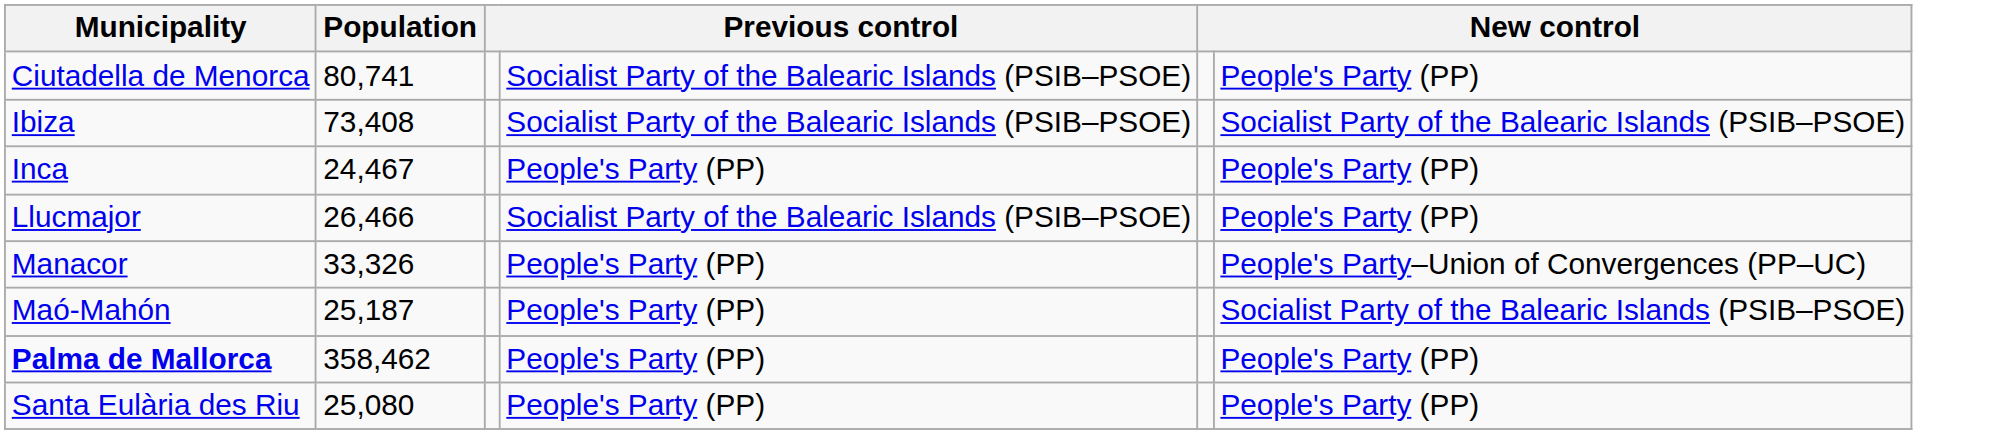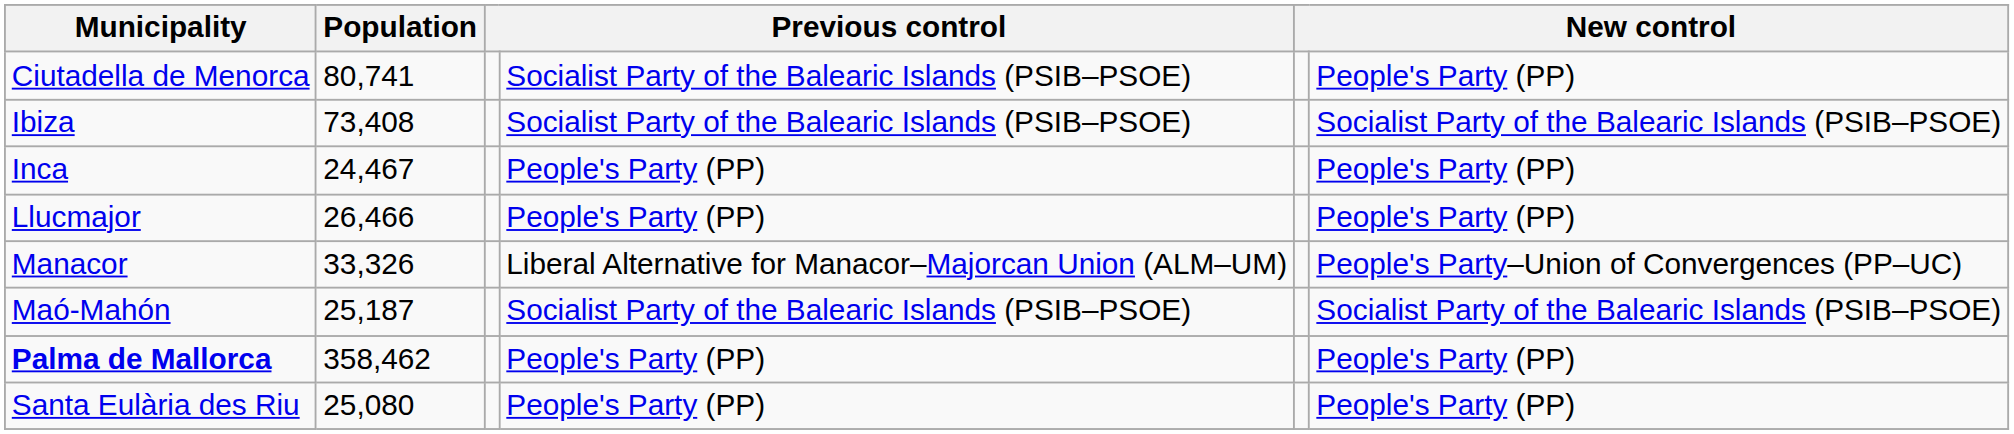 <table class="wikitable sortable">
 <tr>
 <th>Municipality</th>
 <th>Population</th>
 <th colspan="2" style="width:375px;">Previous control</th>
 <th colspan="2" style="width:375px;">New control</th>
 </tr>
 <tr>
 <td><a href='#'>Ciutadella de Menorca</a></td>
 <td>80,741</td>
 <td width="1" style="color:inherit;background:"></td>
 <td><a href='#'>Socialist Party of the Balearic Islands</a> (PSIB–PSOE)</td>
 <td width="1" style="color:inherit;background:"></td>
 <td><a href='#'>People's Party</a> (PP)</td>
 </tr>
 <tr>
 <td><a href='#'>Ibiza</a></td>
 <td>73,408</td>
 <td style="color:inherit;background:"></td>
 <td><a href='#'>Socialist Party of the Balearic Islands</a> (PSIB–PSOE)</td>
 <td style="color:inherit;background:"></td>
 <td><a href='#'>Socialist Party of the Balearic Islands</a> (PSIB–PSOE)</td>
 </tr>
 <tr>
 <td><a href='#'>Inca</a></td>
 <td>24,467</td>
 <td style="color:inherit;background:"></td>
 <td><a href='#'>People's Party</a> (PP)</td>
 <td style="color:inherit;background:"></td>
 <td><a href='#'>People's Party</a> (PP)</td>
 </tr>
 <tr>
 <td><a href='#'>Llucmajor</a></td>
 <td>26,466</td>
 <td style="color:inherit;background:"></td>
-<td><a href='#'>Socialist Party of the Balearic Islands</a> (PSIB–PSOE)</td>
+<td><a href='#'>People's Party</a> (PP)</td>
 <td style="color:inherit;background:"></td>
 <td><a href='#'>People's Party</a> (PP)</td>
 </tr>
 <tr>
 <td><a href='#'>Manacor</a></td>
 <td>33,326</td>
 <td style="color:inherit;background:"></td>
-<td><a href='#'>People's Party</a> (PP)</td>
+<td>Liberal Alternative for Manacor–<a href='#'>Majorcan Union</a> (ALM–UM)</td>
 <td style="color:inherit;background:"></td>
 <td><a href='#'>People's Party</a>–Union of Convergences (PP–UC)</td>
 </tr>
 <tr>
 <td><a href='#'>Maó-Mahón</a></td>
 <td>25,187</td>
 <td style="color:inherit;background:"></td>
-<td><a href='#'>People's Party</a> (PP)</td>
+<td><a href='#'>Socialist Party of the Balearic Islands</a> (PSIB–PSOE)</td>
 <td style="color:inherit;background:"></td>
 <td><a href='#'>Socialist Party of the Balearic Islands</a> (PSIB–PSOE)</td>
 </tr>
 <tr>
 <td><strong><a href='#'>Palma de Mallorca</a></strong></td>
 <td>358,462</td>
 <td style="color:inherit;background:"></td>
 <td><a href='#'>People's Party</a> (PP)</td>
 <td style="color:inherit;background:"></td>
 <td><a href='#'>People's Party</a> (PP)</td>
 </tr>
 <tr>
 <td><a href='#'>Santa Eulària des Riu</a></td>
 <td>25,080</td>
 <td style="color:inherit;background:"></td>
 <td><a href='#'>People's Party</a> (PP)</td>
 <td style="color:inherit;background:"></td>
 <td><a href='#'>People's Party</a> (PP)</td>
 </tr>
 </table>
